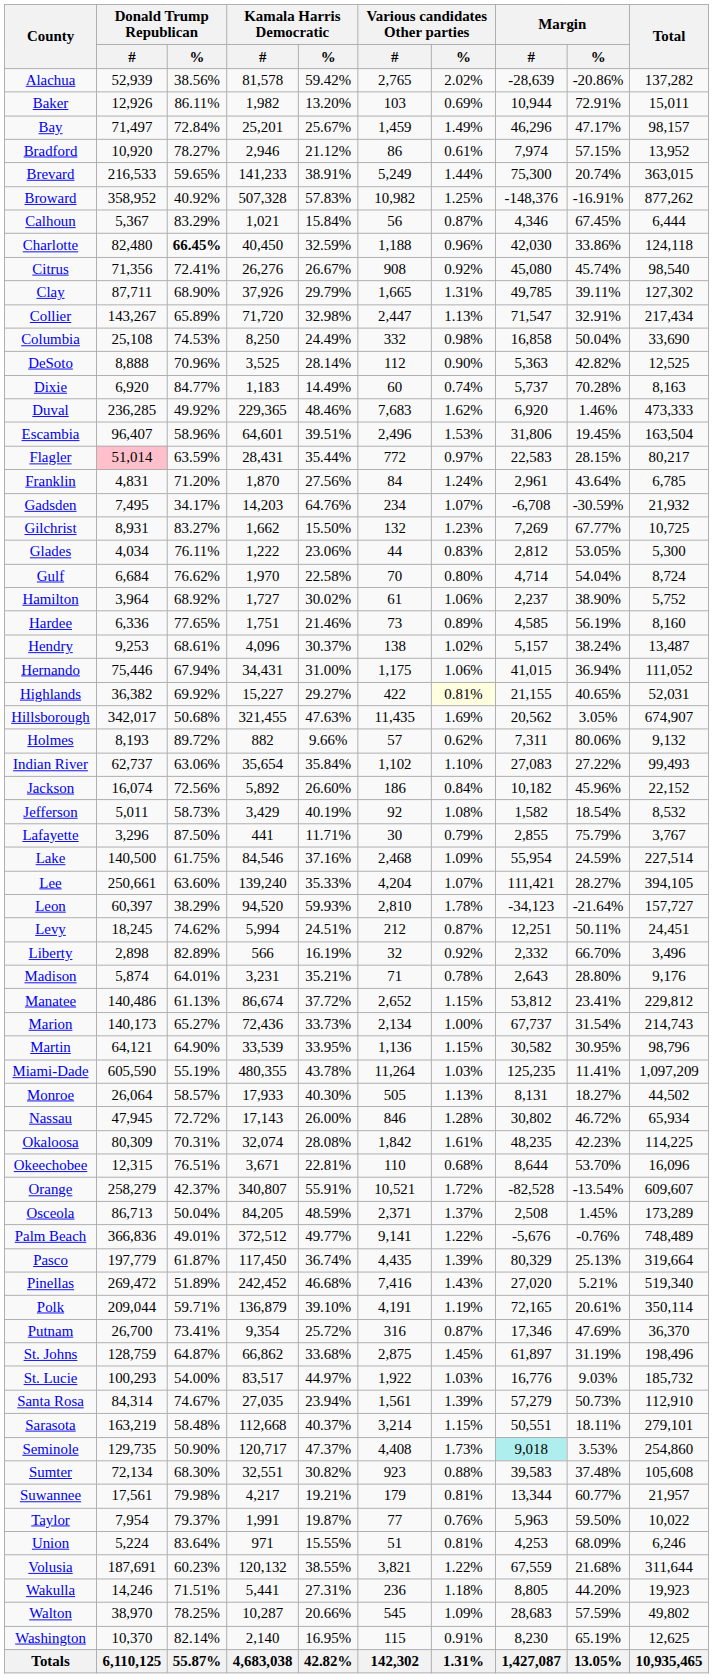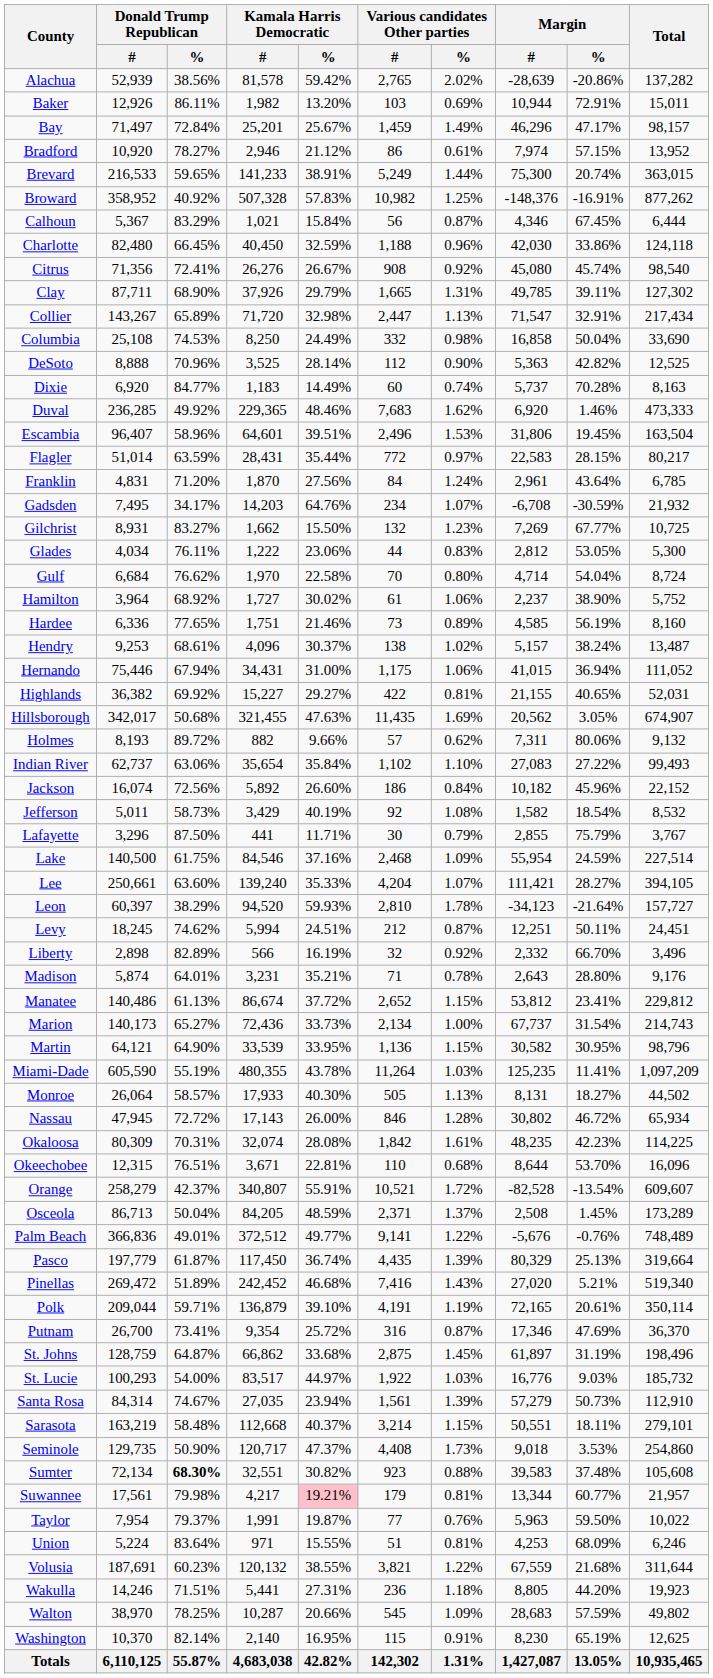 <table class="wikitable sortable" width="60%" style="text-align:center">
 <tr>
 <th rowspan="2">County</th>
 <th colspan="2" style="text-align:center;">Donald Trump<br>Republican</th>
 <th colspan="2" style="text-align:center;">Kamala Harris<br>Democratic</th>
 <th colspan="2" style="text-align:center;">Various candidates<br>Other parties</th>
 <th colspan="2" style="text-align:center;">Margin</th>
 <th rowspan="2" style="text-align:center;">Total</th>
 </tr>
 <tr>
 <th style="text-align:center;" data-sort-type="number">#</th>
 <th style="text-align:center;" data-sort-type="number">%</th>
 <th style="text-align:center;" data-sort-type="number">#</th>
 <th style="text-align:center;" data-sort-type="number">%</th>
 <th style="text-align:center;" data-sort-type="number">#</th>
 <th style="text-align:center;" data-sort-type="number">%</th>
 <th style="text-align:center;" data-sort-type="number">#</th>
 <th style="text-align:center;" data-sort-type="number">%</th>
 </tr>
 <tr style="text-align:center;">
 <td><a href='#'>Alachua</a></td>
 <td>52,939</td>
 <td>38.56%</td>
 <td>81,578</td>
 <td>59.42%</td>
 <td>2,765</td>
 <td>2.02%</td>
 <td>-28,639</td>
 <td>-20.86%</td>
 <td>137,282</td>
 </tr>
 <tr style="text-align:center;">
 <td><a href='#'>Baker</a></td>
 <td>12,926</td>
 <td>86.11%</td>
 <td>1,982</td>
 <td>13.20%</td>
 <td>103</td>
 <td>0.69%</td>
 <td>10,944</td>
 <td>72.91%</td>
 <td>15,011</td>
 </tr>
 <tr style="text-align:center;">
 <td><a href='#'>Bay</a></td>
 <td>71,497</td>
 <td>72.84%</td>
 <td>25,201</td>
 <td>25.67%</td>
 <td>1,459</td>
 <td>1.49%</td>
 <td>46,296</td>
 <td>47.17%</td>
 <td>98,157</td>
 </tr>
 <tr style="text-align:center;">
 <td><a href='#'>Bradford</a></td>
 <td>10,920</td>
 <td>78.27%</td>
 <td>2,946</td>
 <td>21.12%</td>
 <td>86</td>
 <td>0.61%</td>
 <td>7,974</td>
 <td>57.15%</td>
 <td>13,952</td>
 </tr>
 <tr style="text-align:center;">
 <td><a href='#'>Brevard</a></td>
 <td>216,533</td>
 <td>59.65%</td>
 <td>141,233</td>
 <td>38.91%</td>
 <td>5,249</td>
 <td>1.44%</td>
 <td>75,300</td>
 <td>20.74%</td>
 <td>363,015</td>
 </tr>
 <tr style="text-align:center;">
 <td><a href='#'>Broward</a></td>
 <td>358,952</td>
 <td>40.92%</td>
 <td>507,328</td>
 <td>57.83%</td>
 <td>10,982</td>
 <td>1.25%</td>
 <td>-148,376</td>
 <td>-16.91%</td>
 <td>877,262</td>
 </tr>
 <tr style="text-align:center;">
 <td><a href='#'>Calhoun</a></td>
 <td>5,367</td>
 <td>83.29%</td>
 <td>1,021</td>
 <td>15.84%</td>
 <td>56</td>
 <td>0.87%</td>
 <td>4,346</td>
 <td>67.45%</td>
 <td>6,444</td>
 </tr>
 <tr style="text-align:center;">
 <td><a href='#'>Charlotte</a></td>
 <td>82,480</td>
-<td><strong>66.45%</strong></td>
+<td>66.45%</td>
 <td>40,450</td>
 <td>32.59%</td>
 <td>1,188</td>
 <td>0.96%</td>
 <td>42,030</td>
 <td>33.86%</td>
 <td>124,118</td>
 </tr>
 <tr style="text-align:center;">
 <td><a href='#'>Citrus</a></td>
 <td>71,356</td>
 <td>72.41%</td>
 <td>26,276</td>
 <td>26.67%</td>
 <td>908</td>
 <td>0.92%</td>
 <td>45,080</td>
 <td>45.74%</td>
 <td>98,540</td>
 </tr>
 <tr style="text-align:center;">
 <td><a href='#'>Clay</a></td>
 <td>87,711</td>
 <td>68.90%</td>
 <td>37,926</td>
 <td>29.79%</td>
 <td>1,665</td>
 <td>1.31%</td>
 <td>49,785</td>
 <td>39.11%</td>
 <td>127,302</td>
 </tr>
 <tr style="text-align:center;">
 <td><a href='#'>Collier</a></td>
 <td>143,267</td>
 <td>65.89%</td>
 <td>71,720</td>
 <td>32.98%</td>
 <td>2,447</td>
 <td>1.13%</td>
 <td>71,547</td>
 <td>32.91%</td>
 <td>217,434</td>
 </tr>
 <tr style="text-align:center;">
 <td><a href='#'>Columbia</a></td>
 <td>25,108</td>
 <td>74.53%</td>
 <td>8,250</td>
 <td>24.49%</td>
 <td>332</td>
 <td>0.98%</td>
 <td>16,858</td>
 <td>50.04%</td>
 <td>33,690</td>
 </tr>
 <tr style="text-align:center;">
 <td><a href='#'>DeSoto</a></td>
 <td>8,888</td>
 <td>70.96%</td>
 <td>3,525</td>
 <td>28.14%</td>
 <td>112</td>
 <td>0.90%</td>
 <td>5,363</td>
 <td>42.82%</td>
 <td>12,525</td>
 </tr>
 <tr style="text-align:center;">
 <td><a href='#'>Dixie</a></td>
 <td>6,920</td>
 <td>84.77%</td>
 <td>1,183</td>
 <td>14.49%</td>
 <td>60</td>
 <td>0.74%</td>
 <td>5,737</td>
 <td>70.28%</td>
 <td>8,163</td>
 </tr>
 <tr style="text-align:center;">
 <td><a href='#'>Duval</a></td>
 <td>236,285</td>
 <td>49.92%</td>
 <td>229,365</td>
 <td>48.46%</td>
 <td>7,683</td>
 <td>1.62%</td>
 <td>6,920</td>
 <td>1.46%</td>
 <td>473,333</td>
 </tr>
 <tr style="text-align:center;">
 <td><a href='#'>Escambia</a></td>
 <td>96,407</td>
 <td>58.96%</td>
 <td>64,601</td>
 <td>39.51%</td>
 <td>2,496</td>
 <td>1.53%</td>
 <td>31,806</td>
 <td>19.45%</td>
 <td>163,504</td>
 </tr>
 <tr style="text-align:center;">
 <td><a href='#'>Flagler</a></td>
-<td style="background: pink;">51,014</td>
+<td>51,014</td>
 <td>63.59%</td>
 <td>28,431</td>
 <td>35.44%</td>
 <td>772</td>
 <td>0.97%</td>
 <td>22,583</td>
 <td>28.15%</td>
 <td>80,217</td>
 </tr>
 <tr style="text-align:center;">
 <td><a href='#'>Franklin</a></td>
 <td>4,831</td>
 <td>71.20%</td>
 <td>1,870</td>
 <td>27.56%</td>
 <td>84</td>
 <td>1.24%</td>
 <td>2,961</td>
 <td>43.64%</td>
 <td>6,785</td>
 </tr>
 <tr style="text-align:center;">
 <td><a href='#'>Gadsden</a></td>
 <td>7,495</td>
 <td>34.17%</td>
 <td>14,203</td>
 <td>64.76%</td>
 <td>234</td>
 <td>1.07%</td>
 <td>-6,708</td>
 <td>-30.59%</td>
 <td>21,932</td>
 </tr>
 <tr style="text-align:center;">
 <td><a href='#'>Gilchrist</a></td>
 <td>8,931</td>
 <td>83.27%</td>
 <td>1,662</td>
 <td>15.50%</td>
 <td>132</td>
 <td>1.23%</td>
 <td>7,269</td>
 <td>67.77%</td>
 <td>10,725</td>
 </tr>
 <tr style="text-align:center;">
 <td><a href='#'>Glades</a></td>
 <td>4,034</td>
 <td>76.11%</td>
 <td>1,222</td>
 <td>23.06%</td>
 <td>44</td>
 <td>0.83%</td>
 <td>2,812</td>
 <td>53.05%</td>
 <td>5,300</td>
 </tr>
 <tr style="text-align:center;">
 <td><a href='#'>Gulf</a></td>
 <td>6,684</td>
 <td>76.62%</td>
 <td>1,970</td>
 <td>22.58%</td>
 <td>70</td>
 <td>0.80%</td>
 <td>4,714</td>
 <td>54.04%</td>
 <td>8,724</td>
 </tr>
 <tr style="text-align:center;">
 <td><a href='#'>Hamilton</a></td>
 <td>3,964</td>
 <td>68.92%</td>
 <td>1,727</td>
 <td>30.02%</td>
 <td>61</td>
 <td>1.06%</td>
 <td>2,237</td>
 <td>38.90%</td>
 <td>5,752</td>
 </tr>
 <tr style="text-align:center;">
 <td><a href='#'>Hardee</a></td>
 <td>6,336</td>
 <td>77.65%</td>
 <td>1,751</td>
 <td>21.46%</td>
 <td>73</td>
 <td>0.89%</td>
 <td>4,585</td>
 <td>56.19%</td>
 <td>8,160</td>
 </tr>
 <tr style="text-align:center;">
 <td><a href='#'>Hendry</a></td>
 <td>9,253</td>
 <td>68.61%</td>
 <td>4,096</td>
 <td>30.37%</td>
 <td>138</td>
 <td>1.02%</td>
 <td>5,157</td>
 <td>38.24%</td>
 <td>13,487</td>
 </tr>
 <tr style="text-align:center;">
 <td><a href='#'>Hernando</a></td>
 <td>75,446</td>
 <td>67.94%</td>
 <td>34,431</td>
 <td>31.00%</td>
 <td>1,175</td>
 <td>1.06%</td>
 <td>41,015</td>
 <td>36.94%</td>
 <td>111,052</td>
 </tr>
 <tr style="text-align:center;">
 <td><a href='#'>Highlands</a></td>
 <td>36,382</td>
 <td>69.92%</td>
 <td>15,227</td>
 <td>29.27%</td>
 <td>422</td>
-<td style="background: lightyellow;">0.81%</td>
+<td>0.81%</td>
 <td>21,155</td>
 <td>40.65%</td>
 <td>52,031</td>
 </tr>
 <tr style="text-align:center;">
 <td><a href='#'>Hillsborough</a></td>
 <td>342,017</td>
 <td>50.68%</td>
 <td>321,455</td>
 <td>47.63%</td>
 <td>11,435</td>
 <td>1.69%</td>
 <td>20,562</td>
 <td>3.05%</td>
 <td>674,907</td>
 </tr>
 <tr style="text-align:center;">
 <td><a href='#'>Holmes</a></td>
 <td>8,193</td>
 <td>89.72%</td>
 <td>882</td>
 <td>9.66%</td>
 <td>57</td>
 <td>0.62%</td>
 <td>7,311</td>
 <td>80.06%</td>
 <td>9,132</td>
 </tr>
 <tr style="text-align:center;">
 <td><a href='#'>Indian River</a></td>
 <td>62,737</td>
 <td>63.06%</td>
 <td>35,654</td>
 <td>35.84%</td>
 <td>1,102</td>
 <td>1.10%</td>
 <td>27,083</td>
 <td>27.22%</td>
 <td>99,493</td>
 </tr>
 <tr style="text-align:center;">
 <td><a href='#'>Jackson</a></td>
 <td>16,074</td>
 <td>72.56%</td>
 <td>5,892</td>
 <td>26.60%</td>
 <td>186</td>
 <td>0.84%</td>
 <td>10,182</td>
 <td>45.96%</td>
 <td>22,152</td>
 </tr>
 <tr style="text-align:center;">
 <td><a href='#'>Jefferson</a></td>
 <td>5,011</td>
 <td>58.73%</td>
 <td>3,429</td>
 <td>40.19%</td>
 <td>92</td>
 <td>1.08%</td>
 <td>1,582</td>
 <td>18.54%</td>
 <td>8,532</td>
 </tr>
 <tr style="text-align:center;">
 <td><a href='#'>Lafayette</a></td>
 <td>3,296</td>
 <td>87.50%</td>
 <td>441</td>
 <td>11.71%</td>
 <td>30</td>
 <td>0.79%</td>
 <td>2,855</td>
 <td>75.79%</td>
 <td>3,767</td>
 </tr>
 <tr style="text-align:center;">
 <td><a href='#'>Lake</a></td>
 <td>140,500</td>
 <td>61.75%</td>
 <td>84,546</td>
 <td>37.16%</td>
 <td>2,468</td>
 <td>1.09%</td>
 <td>55,954</td>
 <td>24.59%</td>
 <td>227,514</td>
 </tr>
 <tr style="text-align:center;">
 <td><a href='#'>Lee</a></td>
 <td>250,661</td>
 <td>63.60%</td>
 <td>139,240</td>
 <td>35.33%</td>
 <td>4,204</td>
 <td>1.07%</td>
 <td>111,421</td>
 <td>28.27%</td>
 <td>394,105</td>
 </tr>
 <tr style="text-align:center;">
 <td><a href='#'>Leon</a></td>
 <td>60,397</td>
 <td>38.29%</td>
 <td>94,520</td>
 <td>59.93%</td>
 <td>2,810</td>
 <td>1.78%</td>
 <td>-34,123</td>
 <td>-21.64%</td>
 <td>157,727</td>
 </tr>
 <tr style="text-align:center;">
 <td><a href='#'>Levy</a></td>
 <td>18,245</td>
 <td>74.62%</td>
 <td>5,994</td>
 <td>24.51%</td>
 <td>212</td>
 <td>0.87%</td>
 <td>12,251</td>
 <td>50.11%</td>
 <td>24,451</td>
 </tr>
 <tr style="text-align:center;">
 <td><a href='#'>Liberty</a></td>
 <td>2,898</td>
 <td>82.89%</td>
 <td>566</td>
 <td>16.19%</td>
 <td>32</td>
 <td>0.92%</td>
 <td>2,332</td>
 <td>66.70%</td>
 <td>3,496</td>
 </tr>
 <tr style="text-align:center;">
 <td><a href='#'>Madison</a></td>
 <td>5,874</td>
 <td>64.01%</td>
 <td>3,231</td>
 <td>35.21%</td>
 <td>71</td>
 <td>0.78%</td>
 <td>2,643</td>
 <td>28.80%</td>
 <td>9,176</td>
 </tr>
 <tr style="text-align:center;">
 <td><a href='#'>Manatee</a></td>
 <td>140,486</td>
 <td>61.13%</td>
 <td>86,674</td>
 <td>37.72%</td>
 <td>2,652</td>
 <td>1.15%</td>
 <td>53,812</td>
 <td>23.41%</td>
 <td>229,812</td>
 </tr>
 <tr style="text-align:center;">
 <td><a href='#'>Marion</a></td>
 <td>140,173</td>
 <td>65.27%</td>
 <td>72,436</td>
 <td>33.73%</td>
 <td>2,134</td>
 <td>1.00%</td>
 <td>67,737</td>
 <td>31.54%</td>
 <td>214,743</td>
 </tr>
 <tr style="text-align:center;">
 <td><a href='#'>Martin</a></td>
 <td>64,121</td>
 <td>64.90%</td>
 <td>33,539</td>
 <td>33.95%</td>
 <td>1,136</td>
 <td>1.15%</td>
 <td>30,582</td>
 <td>30.95%</td>
 <td>98,796</td>
 </tr>
 <tr style="text-align:center;">
 <td><a href='#'>Miami-Dade</a></td>
 <td>605,590</td>
 <td>55.19%</td>
 <td>480,355</td>
 <td>43.78%</td>
 <td>11,264</td>
 <td>1.03%</td>
 <td>125,235</td>
 <td>11.41%</td>
 <td>1,097,209</td>
 </tr>
 <tr style="text-align:center;">
 <td><a href='#'>Monroe</a></td>
 <td>26,064</td>
 <td>58.57%</td>
 <td>17,933</td>
 <td>40.30%</td>
 <td>505</td>
 <td>1.13%</td>
 <td>8,131</td>
 <td>18.27%</td>
 <td>44,502</td>
 </tr>
 <tr style="text-align:center;">
 <td><a href='#'>Nassau</a></td>
 <td>47,945</td>
 <td>72.72%</td>
 <td>17,143</td>
 <td>26.00%</td>
 <td>846</td>
 <td>1.28%</td>
 <td>30,802</td>
 <td>46.72%</td>
 <td>65,934</td>
 </tr>
 <tr style="text-align:center;">
 <td><a href='#'>Okaloosa</a></td>
 <td>80,309</td>
 <td>70.31%</td>
 <td>32,074</td>
 <td>28.08%</td>
 <td>1,842</td>
 <td>1.61%</td>
 <td>48,235</td>
 <td>42.23%</td>
 <td>114,225</td>
 </tr>
 <tr style="text-align:center;">
 <td><a href='#'>Okeechobee</a></td>
 <td>12,315</td>
 <td>76.51%</td>
 <td>3,671</td>
 <td>22.81%</td>
 <td>110</td>
 <td>0.68%</td>
 <td>8,644</td>
 <td>53.70%</td>
 <td>16,096</td>
 </tr>
 <tr style="text-align:center;">
 <td><a href='#'>Orange</a></td>
 <td>258,279</td>
 <td>42.37%</td>
 <td>340,807</td>
 <td>55.91%</td>
 <td>10,521</td>
 <td>1.72%</td>
 <td>-82,528</td>
 <td>-13.54%</td>
 <td>609,607</td>
 </tr>
 <tr style="text-align:center;">
 <td><a href='#'>Osceola</a></td>
 <td>86,713</td>
 <td>50.04%</td>
 <td>84,205</td>
 <td>48.59%</td>
 <td>2,371</td>
 <td>1.37%</td>
 <td>2,508</td>
 <td>1.45%</td>
 <td>173,289</td>
 </tr>
 <tr style="text-align:center;">
 <td><a href='#'>Palm Beach</a></td>
 <td>366,836</td>
 <td>49.01%</td>
 <td>372,512</td>
 <td>49.77%</td>
 <td>9,141</td>
 <td>1.22%</td>
 <td>-5,676</td>
 <td>-0.76%</td>
 <td>748,489</td>
 </tr>
 <tr style="text-align:center;">
 <td><a href='#'>Pasco</a></td>
 <td>197,779</td>
 <td>61.87%</td>
 <td>117,450</td>
 <td>36.74%</td>
 <td>4,435</td>
 <td>1.39%</td>
 <td>80,329</td>
 <td>25.13%</td>
 <td>319,664</td>
 </tr>
 <tr style="text-align:center;">
 <td><a href='#'>Pinellas</a></td>
 <td>269,472</td>
 <td>51.89%</td>
 <td>242,452</td>
 <td>46.68%</td>
 <td>7,416</td>
 <td>1.43%</td>
 <td>27,020</td>
 <td>5.21%</td>
 <td>519,340</td>
 </tr>
 <tr style="text-align:center;">
 <td><a href='#'>Polk</a></td>
 <td>209,044</td>
 <td>59.71%</td>
 <td>136,879</td>
 <td>39.10%</td>
 <td>4,191</td>
 <td>1.19%</td>
 <td>72,165</td>
 <td>20.61%</td>
 <td>350,114</td>
 </tr>
 <tr style="text-align:center;">
 <td><a href='#'>Putnam</a></td>
 <td>26,700</td>
 <td>73.41%</td>
 <td>9,354</td>
 <td>25.72%</td>
 <td>316</td>
 <td>0.87%</td>
 <td>17,346</td>
 <td>47.69%</td>
 <td>36,370</td>
 </tr>
 <tr style="text-align:center;">
 <td><a href='#'>St. Johns</a></td>
 <td>128,759</td>
 <td>64.87%</td>
 <td>66,862</td>
 <td>33.68%</td>
 <td>2,875</td>
 <td>1.45%</td>
 <td>61,897</td>
 <td>31.19%</td>
 <td>198,496</td>
 </tr>
 <tr style="text-align:center;">
 <td><a href='#'>St. Lucie</a></td>
 <td>100,293</td>
 <td>54.00%</td>
 <td>83,517</td>
 <td>44.97%</td>
 <td>1,922</td>
 <td>1.03%</td>
 <td>16,776</td>
 <td>9.03%</td>
 <td>185,732</td>
 </tr>
 <tr style="text-align:center;">
 <td><a href='#'>Santa Rosa</a></td>
 <td>84,314</td>
 <td>74.67%</td>
 <td>27,035</td>
 <td>23.94%</td>
 <td>1,561</td>
 <td>1.39%</td>
 <td>57,279</td>
 <td>50.73%</td>
 <td>112,910</td>
 </tr>
 <tr style="text-align:center;">
 <td><a href='#'>Sarasota</a></td>
 <td>163,219</td>
 <td>58.48%</td>
 <td>112,668</td>
 <td>40.37%</td>
 <td>3,214</td>
 <td>1.15%</td>
 <td>50,551</td>
 <td>18.11%</td>
 <td>279,101</td>
 </tr>
 <tr style="text-align:center;">
 <td><a href='#'>Seminole</a></td>
 <td>129,735</td>
 <td>50.90%</td>
 <td>120,717</td>
 <td>47.37%</td>
 <td>4,408</td>
 <td>1.73%</td>
-<td style="background: paleturquoise;">9,018</td>
+<td>9,018</td>
 <td>3.53%</td>
 <td>254,860</td>
 </tr>
 <tr style="text-align:center;">
 <td><a href='#'>Sumter</a></td>
 <td>72,134</td>
-<td>68.30%</td>
+<td><strong>68.30%</strong></td>
 <td>32,551</td>
 <td>30.82%</td>
 <td>923</td>
 <td>0.88%</td>
 <td>39,583</td>
 <td>37.48%</td>
 <td>105,608</td>
 </tr>
 <tr style="text-align:center;">
 <td><a href='#'>Suwannee</a></td>
 <td>17,561</td>
 <td>79.98%</td>
 <td>4,217</td>
-<td>19.21%</td>
+<td style="background: pink;">19.21%</td>
 <td>179</td>
 <td>0.81%</td>
 <td>13,344</td>
 <td>60.77%</td>
 <td>21,957</td>
 </tr>
 <tr style="text-align:center;">
 <td><a href='#'>Taylor</a></td>
 <td>7,954</td>
 <td>79.37%</td>
 <td>1,991</td>
 <td>19.87%</td>
 <td>77</td>
 <td>0.76%</td>
 <td>5,963</td>
 <td>59.50%</td>
 <td>10,022</td>
 </tr>
 <tr style="text-align:center;">
 <td><a href='#'>Union</a></td>
 <td>5,224</td>
 <td>83.64%</td>
 <td>971</td>
 <td>15.55%</td>
 <td>51</td>
 <td>0.81%</td>
 <td>4,253</td>
 <td>68.09%</td>
 <td>6,246</td>
 </tr>
 <tr style="text-align:center;">
 <td><a href='#'>Volusia</a></td>
 <td>187,691</td>
 <td>60.23%</td>
 <td>120,132</td>
 <td>38.55%</td>
 <td>3,821</td>
 <td>1.22%</td>
 <td>67,559</td>
 <td>21.68%</td>
 <td>311,644</td>
 </tr>
 <tr style="text-align:center;">
 <td><a href='#'>Wakulla</a></td>
 <td>14,246</td>
 <td>71.51%</td>
 <td>5,441</td>
 <td>27.31%</td>
 <td>236</td>
 <td>1.18%</td>
 <td>8,805</td>
 <td>44.20%</td>
 <td>19,923</td>
 </tr>
 <tr style="text-align:center;">
 <td><a href='#'>Walton</a></td>
 <td>38,970</td>
 <td>78.25%</td>
 <td>10,287</td>
 <td>20.66%</td>
 <td>545</td>
 <td>1.09%</td>
 <td>28,683</td>
 <td>57.59%</td>
 <td>49,802</td>
 </tr>
 <tr style="text-align:center;">
 <td><a href='#'>Washington</a></td>
 <td>10,370</td>
 <td>82.14%</td>
 <td>2,140</td>
 <td>16.95%</td>
 <td>115</td>
 <td>0.91%</td>
 <td>8,230</td>
 <td>65.19%</td>
 <td>12,625</td>
 </tr>
 <tr style="text-align:center;">
 <th>Totals</th>
 <th>6,110,125</th>
 <th>55.87%</th>
 <th>4,683,038</th>
 <th>42.82%</th>
 <th>142,302</th>
 <th>1.31%</th>
 <th>1,427,087</th>
 <th>13.05%</th>
 <th>10,935,465</th>
 </tr>
 </table>
